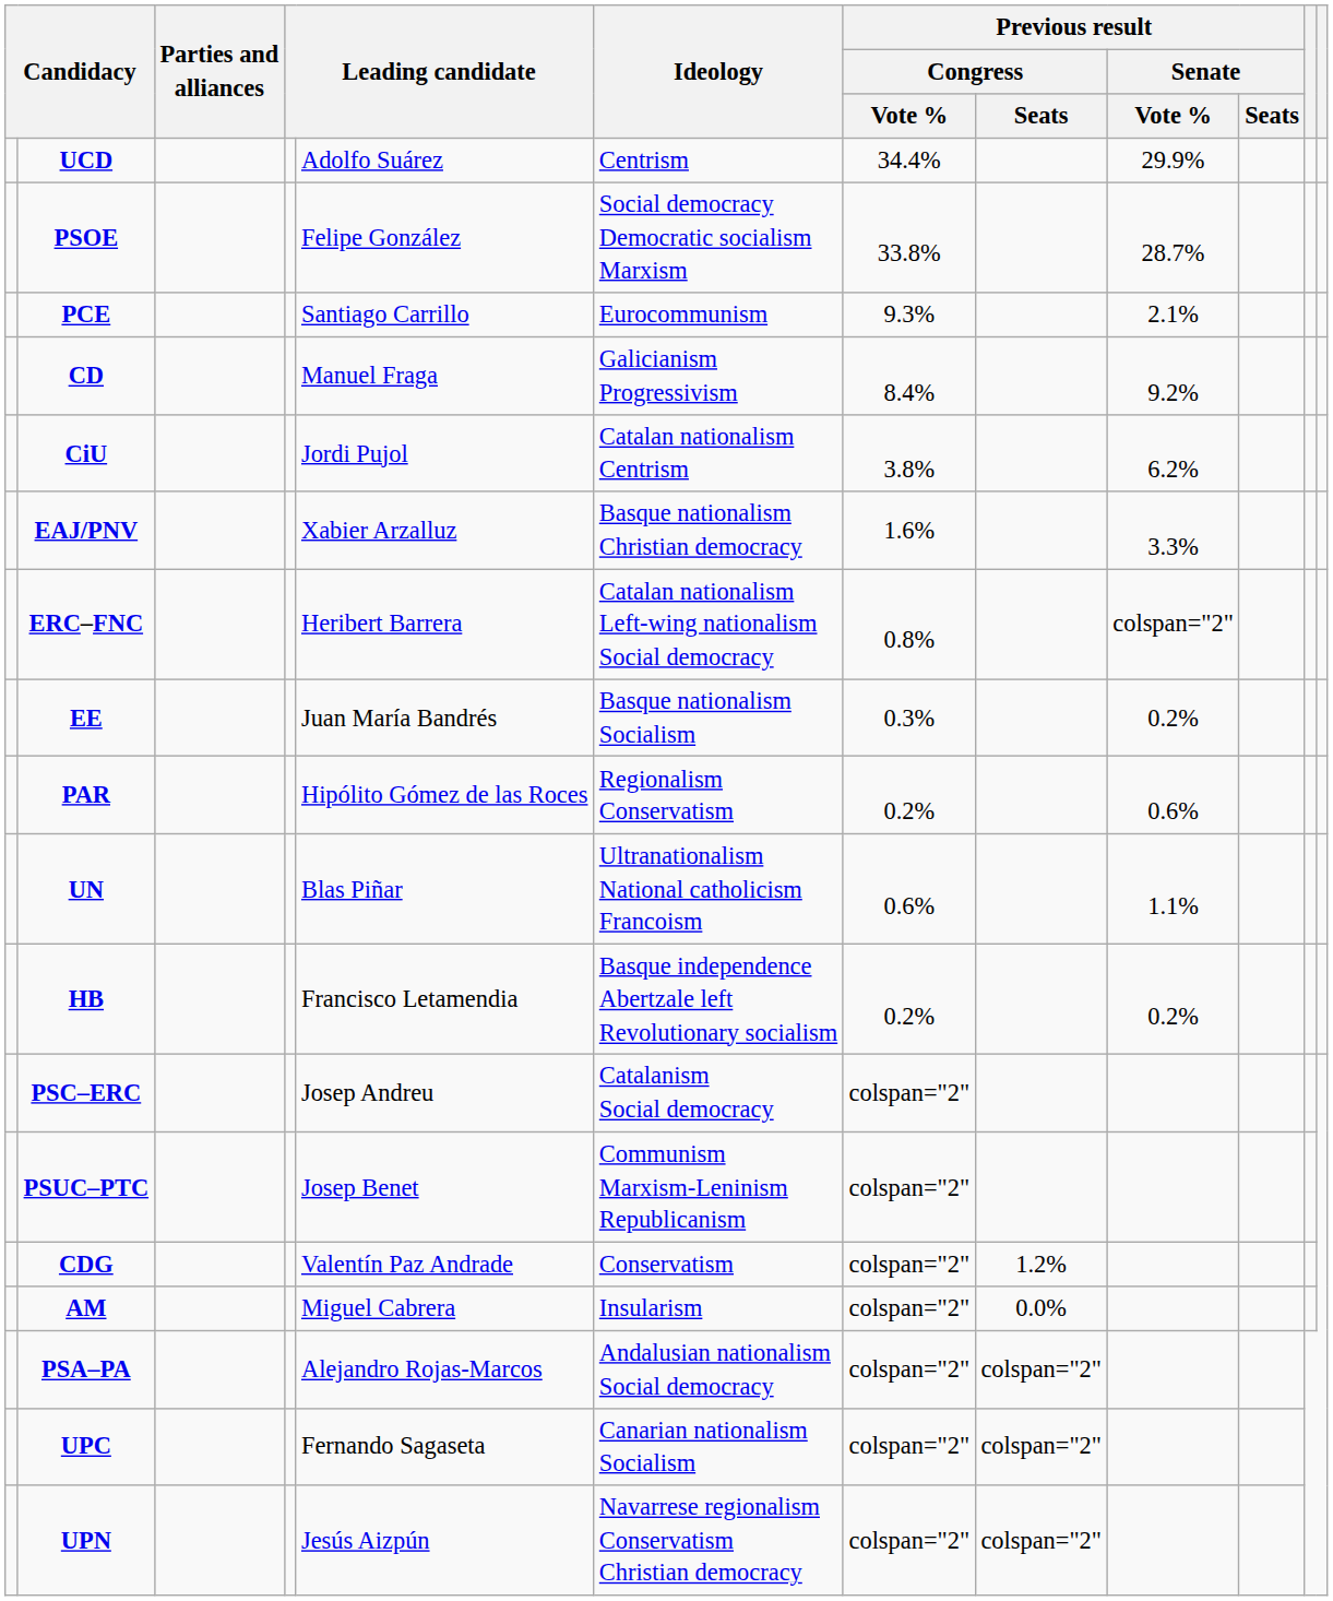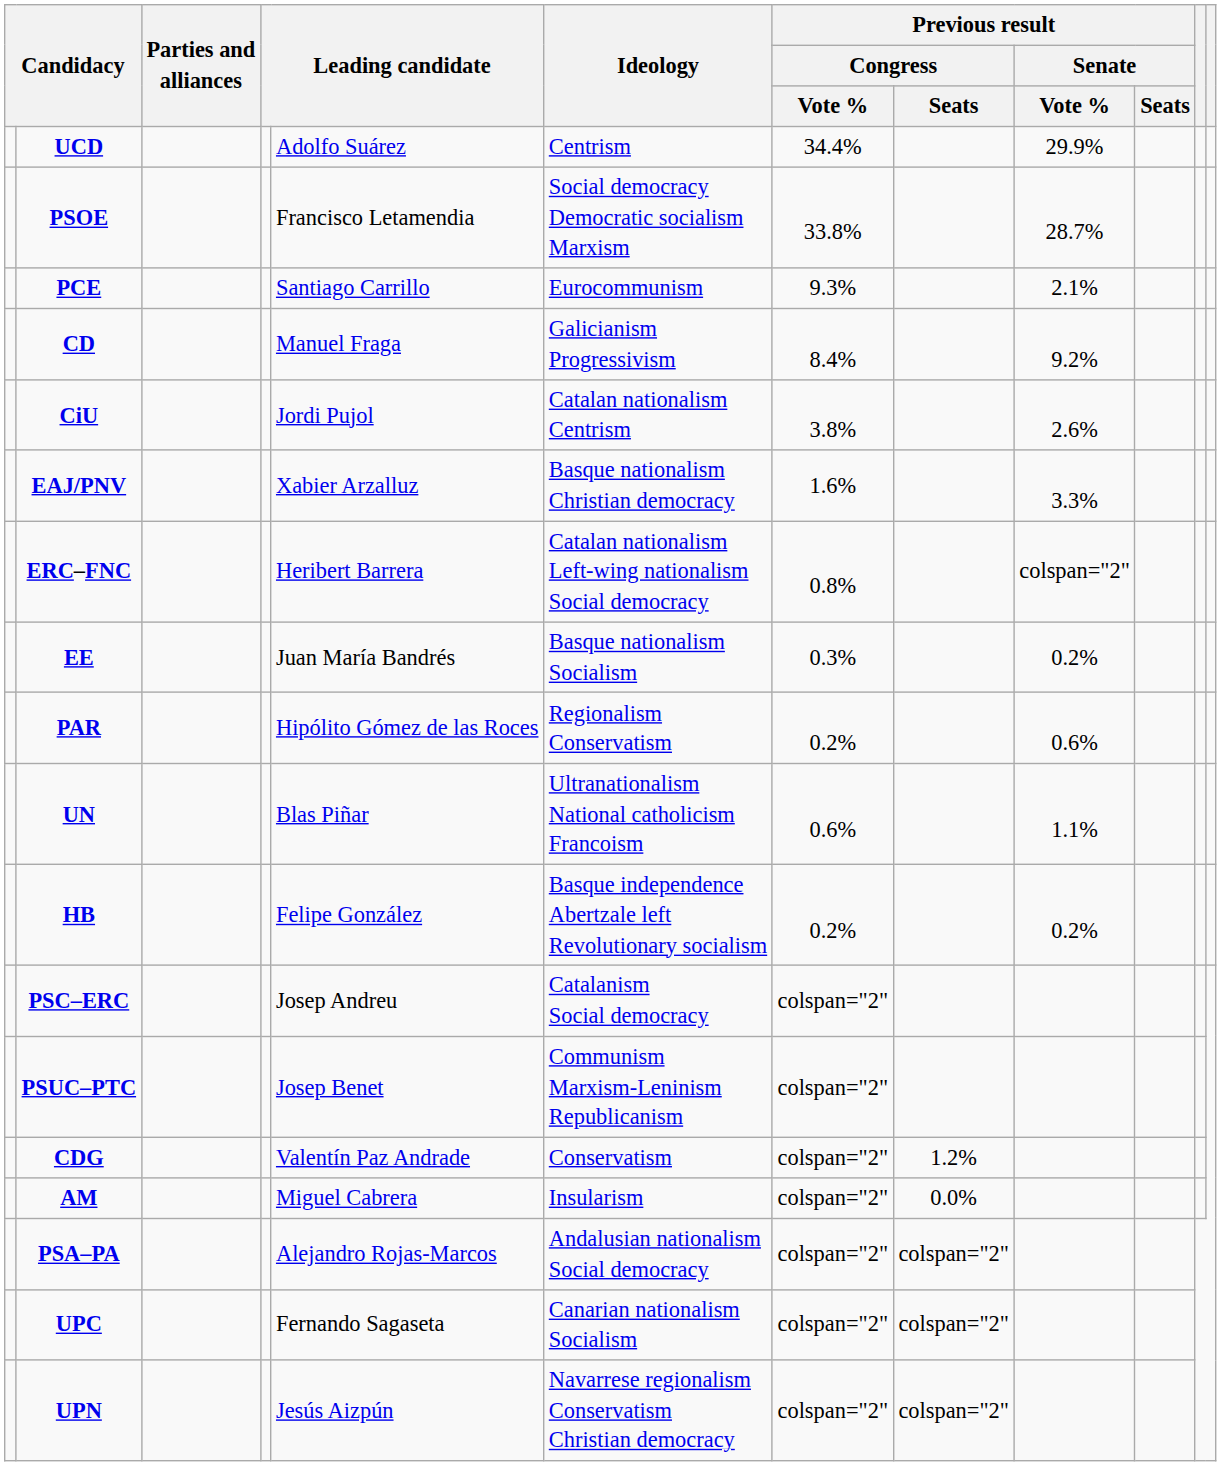 <table class="wikitable" style="line-height:1.35em; text-align:left;">
 <tr>
 <th colspan="2" rowspan="3">Candidacy</th>
 <th rowspan="3">Parties and<br>alliances</th>
 <th colspan="2" rowspan="3">Leading candidate</th>
 <th rowspan="3">Ideology</th>
 <th colspan="4">Previous result</th>
 <th rowspan="3"></th>
 <th rowspan="3"></th>
 </tr>
 <tr>
 <th colspan="2">Congress</th>
 <th colspan="2">Senate</th>
 </tr>
 <tr>
 <th>Vote %</th>
 <th>Seats</th>
 <th>Vote %</th>
 <th>Seats</th>
 </tr>
 <tr>
 <td width="1" style="color:inherit;background:"></td>
 <td align="center"><strong><a href='#'>UCD</a></strong></td>
 <td></td>
 <td></td>
 <td><a href='#'>Adolfo Suárez</a></td>
 <td><a href='#'>Centrism</a></td>
 <td align="center">34.4%</td>
 <td></td>
 <td align="center">29.9%</td>
 <td></td>
 <td></td>
 <td></td>
 </tr>
 <tr>
 <td style="color:inherit;background:"></td>
 <td align="center"><strong><a href='#'>PSOE</a></strong></td>
 <td></td>
 <td></td>
-<td><a href='#'>Felipe González</a></td>
+<td>Francisco Letamendia</td>
 <td><a href='#'>Social democracy</a><br><a href='#'>Democratic socialism</a><br><a href='#'>Marxism</a></td>
 <td align="center"><br>33.8%<br></td>
 <td></td>
 <td align="center"><br>28.7%<br></td>
 <td></td>
 <td></td>
 <td></td>
 </tr>
 <tr>
 <td style="color:inherit;background:"></td>
 <td align="center"><strong><a href='#'>PCE</a></strong></td>
 <td></td>
 <td></td>
 <td><a href='#'>Santiago Carrillo</a></td>
 <td><a href='#'>Eurocommunism</a></td>
 <td align="center">9.3%</td>
 <td></td>
 <td align="center">2.1%</td>
 <td></td>
 <td></td>
 <td></td>
 </tr>
 <tr>
 <td style="color:inherit;background:"></td>
 <td align="center"><strong><a href='#'>CD</a></strong></td>
 <td></td>
 <td></td>
 <td><a href='#'>Manuel Fraga</a></td>
 <td><a href='#'>Galicianism</a><br><a href='#'>Progressivism</a></td>
 <td align="center"><br>8.4%<br></td>
 <td></td>
 <td align="center"><br>9.2%<br></td>
 <td></td>
 <td></td>
 <td></td>
 </tr>
 <tr>
 <td style="color:inherit;background:"></td>
 <td align="center"><strong><a href='#'>CiU</a></strong></td>
 <td></td>
 <td></td>
 <td><a href='#'>Jordi Pujol</a></td>
 <td><a href='#'>Catalan nationalism</a><br><a href='#'>Centrism</a></td>
 <td align="center"><br>3.8%<br></td>
 <td></td>
-<td align="center"><br>6.2%<br></td>
+<td align="center"><br>2.6%<br></td>
 <td></td>
 <td></td>
 <td></td>
 </tr>
 <tr>
 <td style="color:inherit;background:"></td>
 <td align="center"><strong><a href='#'>EAJ/PNV</a></strong></td>
 <td></td>
 <td></td>
 <td><a href='#'>Xabier Arzalluz</a></td>
 <td><a href='#'>Basque nationalism</a><br><a href='#'>Christian democracy</a></td>
 <td align="center">1.6%</td>
 <td></td>
 <td align="center"><br>3.3%<br></td>
 <td></td>
 <td></td>
 <td></td>
 </tr>
 <tr>
 <td style="color:inherit;background:"></td>
 <td align="center"><strong><a href='#'>ERC</a>–<a href='#'>FNC</a></strong></td>
 <td></td>
 <td></td>
 <td><a href='#'>Heribert Barrera</a></td>
 <td><a href='#'>Catalan nationalism</a><br><a href='#'>Left-wing nationalism</a><br><a href='#'>Social democracy</a></td>
 <td align="center"><br>0.8%<br></td>
 <td></td>
 <td>colspan="2" </td>
 <td></td>
 <td></td>
 </tr>
 <tr>
 <td style="color:inherit;background:"></td>
 <td align="center"><strong><a href='#'>EE</a></strong></td>
 <td></td>
 <td></td>
 <td>Juan María Bandrés</td>
 <td><a href='#'>Basque nationalism</a><br><a href='#'>Socialism</a></td>
 <td align="center">0.3%</td>
 <td></td>
 <td align="center">0.2%</td>
 <td></td>
 <td></td>
 <td></td>
 </tr>
 <tr>
 <td style="color:inherit;background:"></td>
 <td align="center"><strong><a href='#'>PAR</a></strong></td>
 <td></td>
 <td></td>
 <td><a href='#'>Hipólito Gómez de las Roces</a></td>
 <td><a href='#'>Regionalism</a><br><a href='#'>Conservatism</a></td>
 <td align="center"><br>0.2%<br></td>
 <td></td>
 <td align="center"><br>0.6%<br></td>
 <td></td>
 <td></td>
 <td></td>
 </tr>
 <tr>
 <td style="color:inherit;background:"></td>
 <td align="center"><strong><a href='#'>UN</a></strong></td>
 <td></td>
 <td></td>
 <td><a href='#'>Blas Piñar</a></td>
 <td><a href='#'>Ultranationalism</a><br><a href='#'>National catholicism</a><br><a href='#'>Francoism</a></td>
 <td align="center"><br>0.6%<br></td>
 <td></td>
 <td align="center"><br>1.1%<br></td>
 <td></td>
 <td></td>
 <td></td>
 </tr>
 <tr>
 <td style="color:inherit;background:"></td>
 <td align="center"><strong><a href='#'>HB</a></strong></td>
 <td></td>
 <td></td>
-<td>Francisco Letamendia</td>
+<td><a href='#'>Felipe González</a></td>
 <td><a href='#'>Basque independence</a><br><a href='#'>Abertzale left</a><br><a href='#'>Revolutionary socialism</a></td>
 <td align="center"><br>0.2%<br></td>
 <td></td>
 <td align="center"><br>0.2%<br></td>
 <td></td>
 <td></td>
 <td></td>
 </tr>
 <tr>
 <td style="color:inherit;background:"></td>
 <td align="center"><strong><a href='#'>PSC–ERC</a></strong></td>
 <td></td>
 <td></td>
 <td>Josep Andreu</td>
 <td><a href='#'>Catalanism</a><br><a href='#'>Social democracy</a></td>
 <td>colspan="2" </td>
 <td align="center"></td>
 <td></td>
 <td></td>
 <td></td>
 </tr>
 <tr>
 <td style="color:inherit;background:"></td>
 <td align="center"><strong><a href='#'>PSUC–PTC</a></strong></td>
 <td></td>
 <td></td>
 <td><a href='#'>Josep Benet</a></td>
 <td><a href='#'>Communism</a><br><a href='#'>Marxism-Leninism</a><br><a href='#'>Republicanism</a></td>
 <td>colspan="2" </td>
 <td align="center"></td>
 <td></td>
 <td></td>
 <td></td>
 </tr>
 <tr>
 <td style="color:inherit;background:"></td>
 <td align="center"><strong><a href='#'>CDG</a></strong></td>
 <td></td>
 <td></td>
 <td><a href='#'>Valentín Paz Andrade</a></td>
 <td><a href='#'>Conservatism</a></td>
 <td>colspan="2" </td>
 <td align="center">1.2%</td>
 <td></td>
 <td></td>
 <td></td>
 </tr>
 <tr>
 <td style="color:inherit;background:"></td>
 <td align="center"><strong><a href='#'>AM</a></strong></td>
 <td></td>
 <td></td>
 <td><a href='#'>Miguel Cabrera</a></td>
 <td><a href='#'>Insularism</a></td>
 <td>colspan="2" </td>
 <td align="center">0.0%</td>
 <td></td>
 <td></td>
 <td></td>
 </tr>
 <tr>
 <td style="color:inherit;background:"></td>
 <td align="center"><strong><a href='#'>PSA–PA</a></strong></td>
 <td></td>
 <td></td>
 <td><a href='#'>Alejandro Rojas-Marcos</a></td>
 <td><a href='#'>Andalusian nationalism</a><br><a href='#'>Social democracy</a></td>
 <td>colspan="2" </td>
 <td>colspan="2" </td>
 <td></td>
 <td></td>
 </tr>
 <tr>
 <td style="color:inherit;background:"></td>
 <td align="center"><strong><a href='#'>UPC</a></strong></td>
 <td></td>
 <td></td>
 <td>Fernando Sagaseta</td>
 <td><a href='#'>Canarian nationalism</a><br><a href='#'>Socialism</a></td>
 <td>colspan="2" </td>
 <td>colspan="2" </td>
 <td></td>
 <td></td>
 </tr>
 <tr>
 <td style="color:inherit;background:"></td>
 <td align="center"><strong><a href='#'>UPN</a></strong></td>
 <td></td>
 <td></td>
 <td><a href='#'>Jesús Aizpún</a></td>
 <td><a href='#'>Navarrese regionalism</a><br><a href='#'>Conservatism</a><br><a href='#'>Christian democracy</a></td>
 <td>colspan="2" </td>
 <td>colspan="2" </td>
 <td></td>
 <td></td>
 </tr>
 </table>
